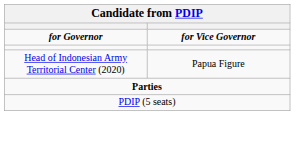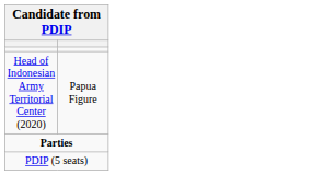 <table class="wikitable" style="font-size:90%; text-align:center;">
 <tr>
 <td colspan=2 style="background:#f1f1f1;"><strong><big>Candidate from <a href='#'>PDIP</a></big></strong></td>
 </tr>
 <tr>
 <th style="width:3em; font-size:135%; background:#"></th>
 <th style="width:3em; font-size:135%; background:#"></th>
-</tr>
-<tr style="color:#000; font-size:100%; background:#">
-<td style="width:3em; width:200px;"><strong><em>for Governor</em></strong></td>
-<td style="width:3em; width:200px;"><strong><em>for Vice Governor</em></strong></td>
 </tr>
 <tr>
 <td></td>
 <td></td>
 </tr>
 <tr>
 <td><a href='#'>Head of Indonesian Army Territorial Center</a> (2020)</td>
 <td>Papua Figure</td>
 </tr>
 <tr>
 <td colspan=2 style="background:#"><strong>Parties</strong></td>
 </tr>
 <tr>
 <td colspan=2> <a href='#'>PDIP</a> (5 seats)</td>
 </tr>
 </table>
